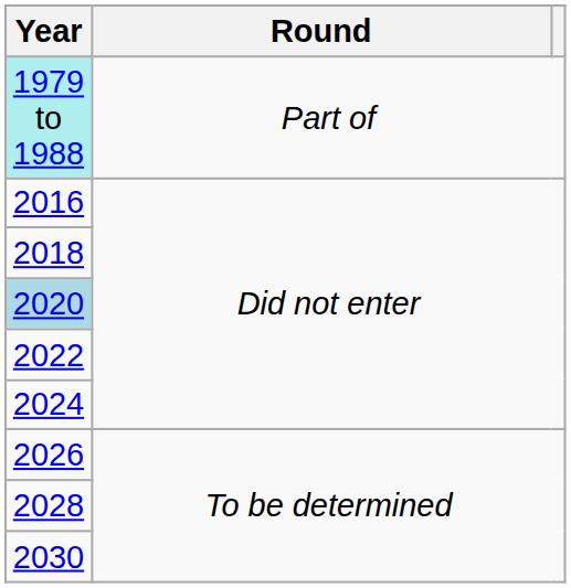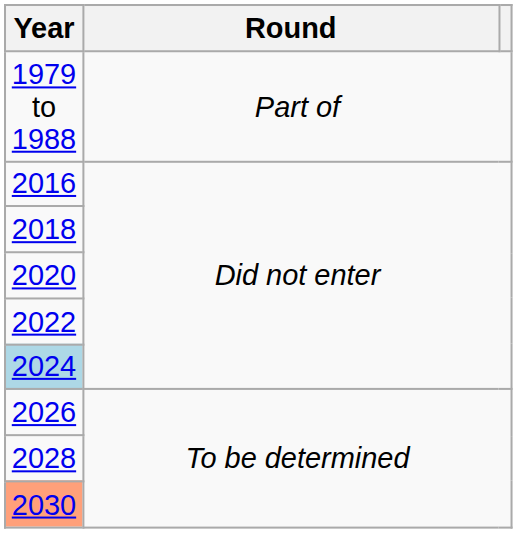 <table class="wikitable" style="text-align: center; font-size:90%">
 <tr>
 <th>Year</th>
 <th style="width:200px">Round</th>
 <th></th>
 </tr>
 <tr>
-<td style="background: paleturquoise;"><a href='#'>1979</a><br>to<br><a href='#'>1988</a></td>
+<td><a href='#'>1979</a><br>to<br><a href='#'>1988</a></td>
 <td colspan="2"><em>Part of </em></td>
 </tr>
 <tr>
 <td><a href='#'>2016</a></td>
 <td colspan="2" rowspan="5"><em>Did not enter</em></td>
 </tr>
 <tr>
 <td><a href='#'>2018</a></td>
 </tr>
 <tr>
-<td style="background: lightblue;"><a href='#'>2020</a></td>
+<td><a href='#'>2020</a></td>
 </tr>
 <tr>
 <td><a href='#'>2022</a></td>
 </tr>
 <tr>
-<td><a href='#'>2024</a></td>
+<td style="background: lightblue;"><a href='#'>2024</a></td>
 </tr>
 <tr>
 <td><a href='#'>2026</a></td>
 <td colspan="2" rowspan="3"><em>To be determined</em></td>
 </tr>
 <tr>
 <td><a href='#'>2028</a></td>
 </tr>
 <tr>
-<td><a href='#'>2030</a></td>
+<td style="background: lightsalmon;"><a href='#'>2030</a></td>
 </tr>
 </table>
